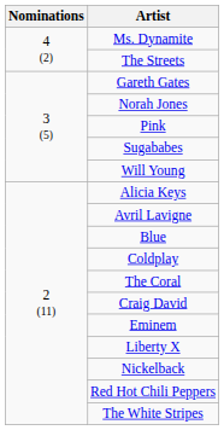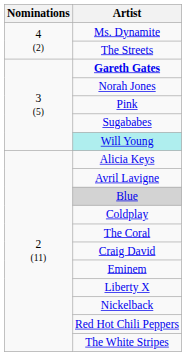 <table class="wikitable" rowspan="2" style="text-align:center;">
 <tr>
 <th scope="col" style="width:55px;">Nominations</th>
 <th scope="col" style="text-align:center;">Artist</th>
 </tr>
 <tr>
 <td rowspan="2">4<br><small>(2)</small></td>
 <td><a href='#'>Ms. Dynamite</a></td>
 </tr>
 <tr>
 <td><a href='#'>The Streets</a></td>
 </tr>
 <tr>
 <td rowspan="5">3<br><small>(5)</small></td>
-<td><a href='#'>Gareth Gates</a></td>
+<td><strong><a href='#'>Gareth Gates</a></strong></td>
 </tr>
 <tr>
 <td><a href='#'>Norah Jones</a></td>
 </tr>
 <tr>
 <td><a href='#'>Pink</a></td>
 </tr>
 <tr>
 <td><a href='#'>Sugababes</a></td>
 </tr>
 <tr>
-<td><a href='#'>Will Young</a></td>
+<td style="background: paleturquoise;"><a href='#'>Will Young</a></td>
 </tr>
 <tr>
 <td rowspan="11">2<br><small>(11)</small></td>
 <td><a href='#'>Alicia Keys</a></td>
 </tr>
 <tr>
 <td><a href='#'>Avril Lavigne</a></td>
 </tr>
 <tr>
-<td><a href='#'>Blue</a></td>
+<td style="background: lightgrey;"><a href='#'>Blue</a></td>
 </tr>
 <tr>
 <td><a href='#'>Coldplay</a></td>
 </tr>
 <tr>
 <td><a href='#'>The Coral</a></td>
 </tr>
 <tr>
 <td><a href='#'>Craig David</a></td>
 </tr>
 <tr>
 <td><a href='#'>Eminem</a></td>
 </tr>
 <tr>
 <td><a href='#'>Liberty X</a></td>
 </tr>
 <tr>
 <td><a href='#'>Nickelback</a></td>
 </tr>
 <tr>
 <td><a href='#'>Red Hot Chili Peppers</a></td>
 </tr>
 <tr>
 <td><a href='#'>The White Stripes</a></td>
 </tr>
 </table>
